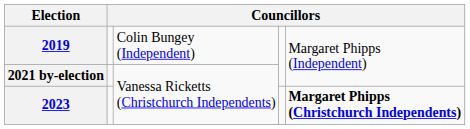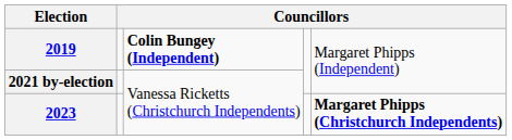 <table class="wikitable">
 <tr>
 <th>Election</th>
 <th colspan="4">Councillors</th>
 </tr>
 <tr>
 <th><a href='#'>2019</a></th>
 <td style="background-color: "></td>
-<td>Colin Bungey<br>(<a href='#'>Independent</a>)</td>
+<td><strong>Colin Bungey<br>(<a href='#'>Independent</a>)</strong></td>
 <td rowspan="2" style="background-color: "></td>
 <td rowspan="2">Margaret Phipps<br>(<a href='#'>Independent</a>)</td>
 </tr>
 <tr>
 <th>2021 by-election</th>
 <td style="background-color: "></td>
 <td rowspan="2">Vanessa Ricketts<br>(<a href='#'>Christchurch Independents</a>)</td>
 </tr>
 <tr>
 <th><a href='#'>2023</a></th>
 <td style="background-color: "></td>
 <td style="background-color: "></td>
 <td><strong>Margaret Phipps<br>(<a href='#'>Christchurch Independents</a>)</strong></td>
 </tr>
 </table>
